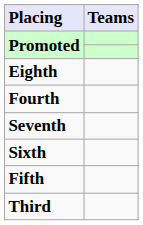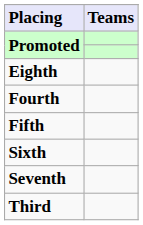 <table class=wikitable>
 <tr>
 </tr>
 <tr style="background: #E6E6FA;">
 <td><strong>Placing</strong></td>
 <td><strong>Teams</strong></td>
 </tr>
 <tr style="background: #ccffcc;">
 <td rowspan="2"><strong>Promoted</strong></td>
 <td><strong></strong></td>
 </tr>
 <tr style="background: #ccffcc;">
 <td><strong></strong></td>
 </tr>
 <tr>
 <td><strong>Eighth</strong></td>
 <td></td>
 </tr>
 <tr>
 <td><strong>Fourth</strong></td>
 <td></td>
 </tr>
 <tr>
-<td><strong>Seventh</strong></td>
+<td><strong>Fifth</strong></td>
 <td></td>
 </tr>
 <tr>
 <td><strong>Sixth</strong></td>
 <td></td>
 </tr>
 <tr>
-<td><strong>Fifth</strong></td>
+<td><strong>Seventh</strong></td>
 <td></td>
 </tr>
 <tr>
 <td><strong>Third</strong></td>
 <td></td>
 </tr>
 </table>
